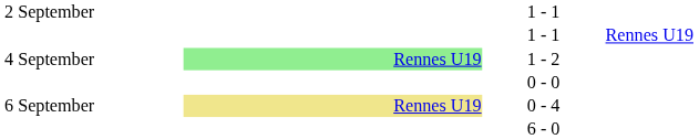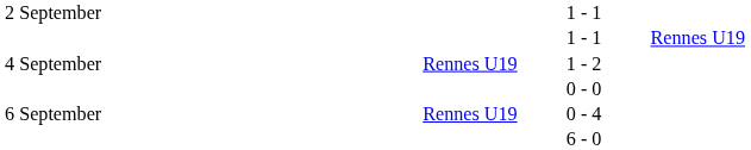 <table cellspacing=1 width=85%>
 <tr>
 <th width=15%></th>
 <th width=25%></th>
 <th width=10%></th>
 <th width=25%></th>
 <th width=25%></th>
 </tr>
 <tr>
 <td>2 September</td>
 <td align=right></td>
 <td align=center>1 - 1</td>
 <td></td>
 </tr>
 <tr>
 <td></td>
 <td align=right></td>
 <td align=center>1 - 1</td>
 <td><a href='#'>Rennes U19</a></td>
 </tr>
 <tr>
 <td>4 September</td>
-<td align=right style="background: lightgreen;"><a href='#'>Rennes U19</a></td>
+<td align=right><a href='#'>Rennes U19</a></td>
 <td align=center>1 - 2</td>
 <td></td>
 </tr>
 <tr>
 <td></td>
 <td align=right></td>
 <td align=center>0 - 0</td>
 <td></td>
 </tr>
 <tr>
 <td>6 September</td>
-<td align=right style="background: khaki;"><a href='#'>Rennes U19</a></td>
+<td align=right><a href='#'>Rennes U19</a></td>
 <td align=center>0 - 4</td>
 <td></td>
 </tr>
 <tr>
 <td></td>
 <td align=right></td>
 <td align=center>6 - 0</td>
 <td></td>
 </tr>
 </table>
